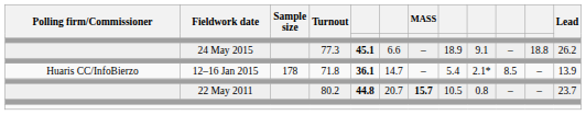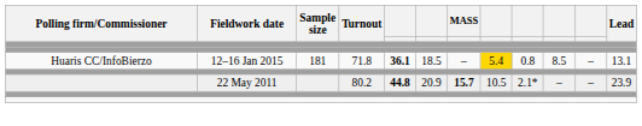 <table class="wikitable collapsible collapsed" style="text-align:center; font-size:95%; line-height:16px;">
 <tr style="height:42px;">
 <th style="width:250px;" rowspan="2">Polling firm/Commissioner</th>
 <th style="width:125px;" rowspan="2">Fieldwork date</th>
 <th style="width:50px;" rowspan="2">Sample size</th>
 <th style="width:45px;" rowspan="2">Turnout</th>
 <th style="width:35px;"></th>
 <th style="width:35px;"></th>
 <th style="width:35px; font-size:90%;">MASS</th>
 <th style="width:35px;"></th>
 <th style="width:35px;"></th>
 <th style="width:35px;"></th>
 <th style="width:35px;"></th>
 <th style="width:30px;" rowspan="2">Lead</th>
 </tr>
 <tr>
 <th style="color:inherit;background:"></th>
 <th style="color:inherit;background:"></th>
 <th style="color:inherit;background:"></th>
 <th style="color:inherit;background:"></th>
 <th style="color:inherit;background:"></th>
 <th style="color:inherit;background:"></th>
 <th style="color:inherit;background:"></th>
 </tr>
 <tr>
 <td colspan="12" style="background:#A0A0A0"></td>
 </tr>
-<tr style="background:#EFEFEF;">
-<td><strong></strong></td>
-<td>24 May 2015</td>
-<td></td>
-<td>77.3</td>
-<td><strong>45.1</strong><br></td>
-<td>6.6<br></td>
-<td>–</td>
-<td>18.9<br></td>
-<td>9.1<br></td>
-<td>–</td>
-<td>18.8<br></td>
-<td style="background:">26.2</td>
-</tr>
 <tr>
 <td colspan="12" style="background:#A0A0A0"></td>
 </tr>
 <tr>
 <td>Huaris CC/InfoBierzo</td>
 <td>12–16 Jan 2015</td>
-<td>178</td>
+<td>181</td>
 <td>71.8</td>
 <td><strong>36.1</strong></td>
-<td>14.7</td>
+<td>18.5</td>
 <td>–</td>
-<td>5.4</td>
-<td>2.1*<br></td>
+<td style="background: gold;">5.4</td>
+<td>0.8</td>
 <td>8.5</td>
 <td>–</td>
-<td style="background:">13.9</td>
+<td style="background:">13.1</td>
 </tr>
 <tr>
 <td colspan="12" style="background:#A0A0A0"></td>
 </tr>
 <tr style="background:#EFEFEF;">
 <td><strong></strong></td>
 <td>22 May 2011</td>
 <td></td>
 <td>80.2</td>
 <td><strong>44.8</strong><br></td>
-<td>20.7<br></td>
+<td>20.9<br></td>
 <td><strong>15.7<br></strong></td>
 <td>10.5<br></td>
-<td>0.8</td>
+<td>2.1*<br></td>
 <td>–</td>
 <td>–</td>
-<td style="background:">23.7</td>
+<td style="background:">23.9</td>
 </tr>
 <tr>
 <td colspan="12" style="background:#A0A0A0"></td>
 </tr>
 <tr>
 <td align="left" colspan="12"></td>
 </tr>
 </table>
